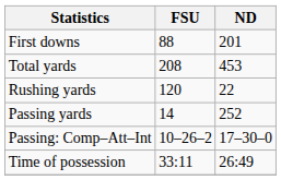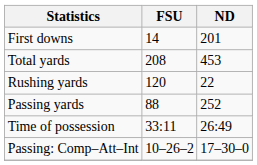 <table class="wikitable" style="float: left;">
 <tr>
 <th>Statistics</th>
 <th>FSU</th>
 <th>ND</th>
 </tr>
 <tr>
 <td>First downs</td>
-<td>88</td>
+<td>14</td>
 <td>201</td>
 </tr>
 <tr>
 <td>Total yards</td>
 <td>208</td>
 <td>453</td>
 </tr>
 <tr>
 <td>Rushing yards</td>
 <td>120</td>
 <td>22</td>
 </tr>
 <tr>
 <td>Passing yards</td>
-<td>14</td>
+<td>88</td>
 <td>252</td>
+</tr>
+<tr>
+<td>Time of possession</td>
+<td>33:11</td>
+<td>26:49</td>
 </tr>
 <tr>
 <td>Passing: Comp–Att–Int</td>
 <td>10–26–2</td>
 <td>17–30–0</td>
 </tr>
 <tr>
-<td>Time of possession</td>
-<td>33:11</td>
-<td>26:49</td>
-</tr>
-<tr>
 </tr>
 </table>
